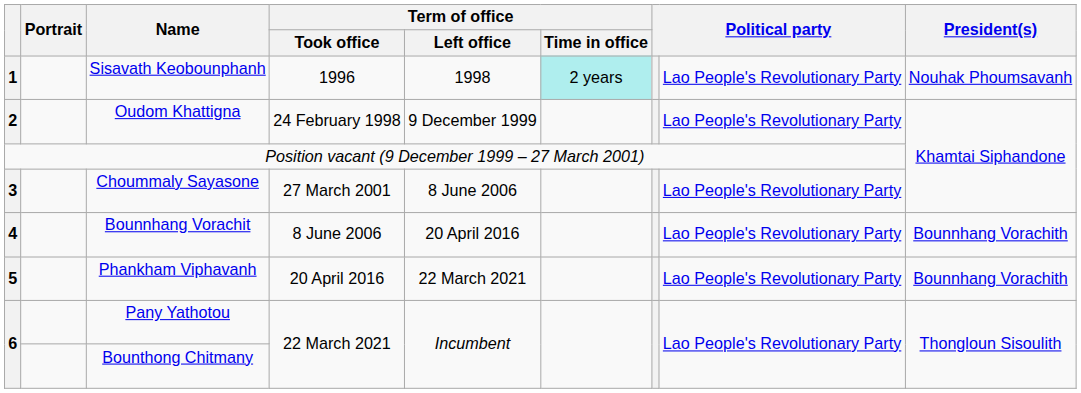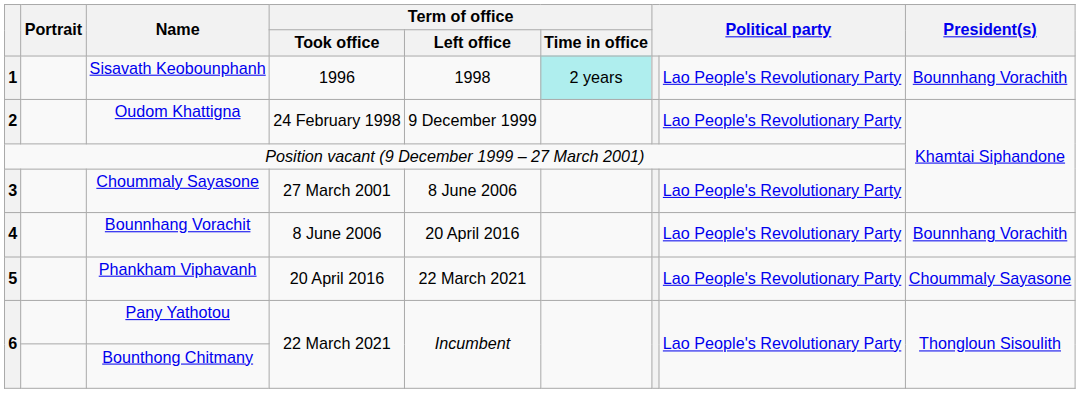 <table class="wikitable" style="text-align:center">
 <tr>
 <th rowspan=2></th>
 <th rowspan=2>Portrait</th>
 <th rowspan=2>Name<br></th>
 <th colspan=3>Term of office</th>
 <th colspan=2 rowspan=2><a href='#'>Political party</a></th>
 <th rowspan=2><a href='#'>President(s)</a></th>
 </tr>
 <tr>
 <th>Took office</th>
 <th>Left office</th>
 <th>Time in office</th>
 </tr>
 <tr>
 <th>1</th>
 <td></td>
 <td><a href='#'>Sisavath Keobounphanh</a><br><br></td>
 <td>1996</td>
 <td>1998</td>
 <td style="background: paleturquoise;">2 years</td>
 <th style="background:"></th>
 <td><a href='#'>Lao People's Revolutionary Party</a></td>
-<td><a href='#'>Nouhak Phoumsavanh</a></td>
+<td><a href='#'>Bounnhang Vorachith</a></td>
 </tr>
 <tr>
 <th>2</th>
 <td></td>
 <td><a href='#'>Oudom Khattigna</a><br><br></td>
 <td>24 February 1998</td>
 <td>9 December 1999</td>
 <td></td>
 <th style="background:"></th>
 <td><a href='#'>Lao People's Revolutionary Party</a></td>
 <td rowspan="3"><a href='#'>Khamtai Siphandone</a></td>
 </tr>
 <tr>
 <td colspan=8><em>Position vacant (9 December 1999 – 27 March 2001)</em></td>
 </tr>
 <tr>
 <th>3</th>
 <td></td>
 <td><a href='#'>Choummaly Sayasone</a><br><br></td>
 <td>27 March 2001</td>
 <td>8 June 2006</td>
 <td></td>
 <th style="background:"></th>
 <td><a href='#'>Lao People's Revolutionary Party</a></td>
 </tr>
 <tr>
 <th>4</th>
 <td></td>
 <td><a href='#'>Bounnhang Vorachit</a><br><br></td>
 <td>8 June 2006</td>
 <td>20 April 2016</td>
 <td></td>
 <th style="background:"></th>
 <td><a href='#'>Lao People's Revolutionary Party</a></td>
 <td><a href='#'>Bounnhang Vorachith</a></td>
 </tr>
 <tr>
 <th>5</th>
 <td></td>
 <td><a href='#'>Phankham Viphavanh</a><br><br></td>
 <td>20 April 2016</td>
 <td>22 March 2021</td>
 <td></td>
 <th style="background:"></th>
 <td><a href='#'>Lao People's Revolutionary Party</a></td>
-<td><a href='#'>Bounnhang Vorachith</a></td>
+<td><a href='#'>Choummaly Sayasone</a></td>
 </tr>
 <tr>
 <th rowspan="2">6</th>
 <td></td>
 <td><a href='#'>Pany Yathotou</a><br><br></td>
 <td rowspan="2">22 March 2021</td>
 <td rowspan="2"><em>Incumbent</em></td>
 <td rowspan="2"></td>
 <th rowspan="2" style="background:"></th>
 <td rowspan="2"><a href='#'>Lao People's Revolutionary Party</a></td>
 <td rowspan="2"><a href='#'>Thongloun Sisoulith</a></td>
 </tr>
 <tr>
 <td></td>
 <td><a href='#'>Bounthong Chitmany</a><br><br></td>
 </tr>
 </table>
